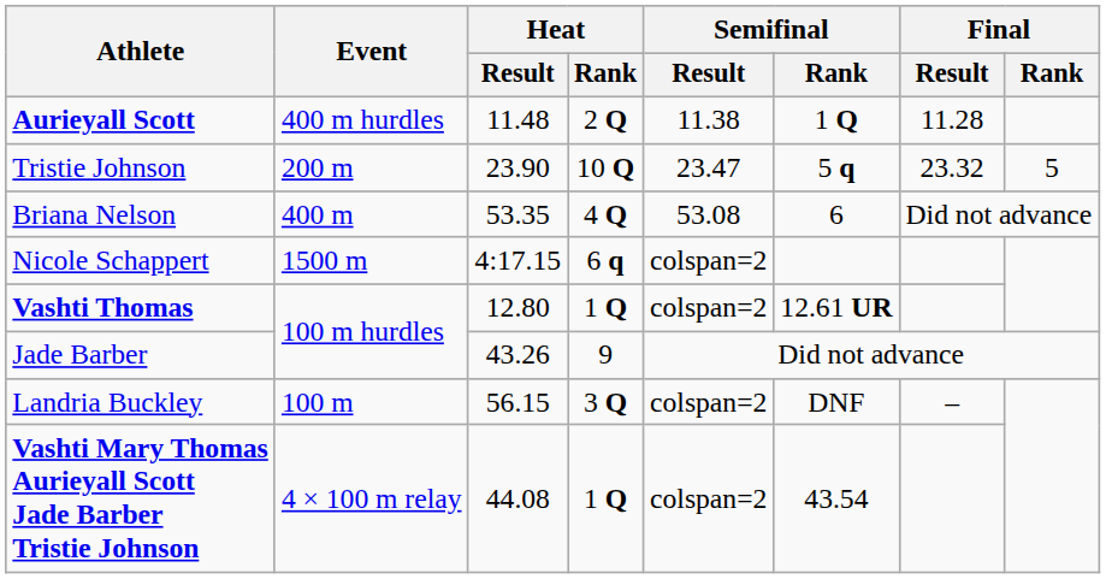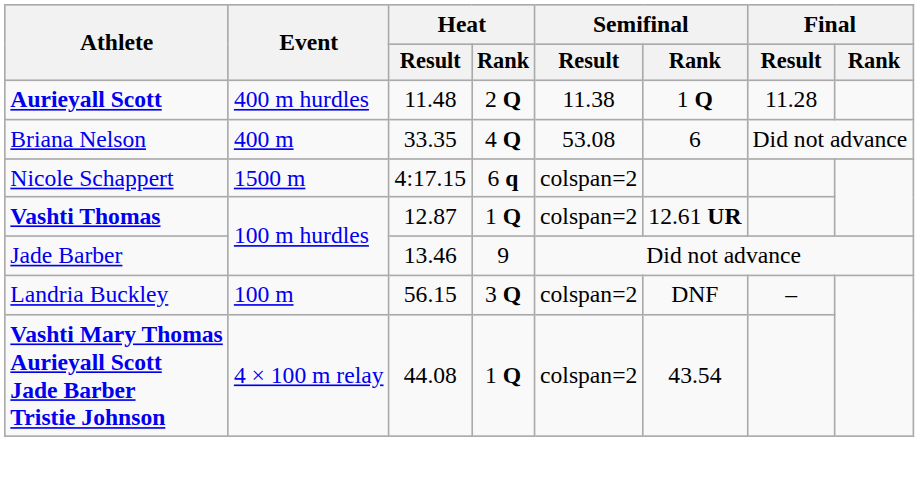 <table class="wikitable" style="font-size:90%">
 <tr>
 <th rowspan=2>Athlete</th>
 <th rowspan=2>Event</th>
 <th colspan=2>Heat</th>
 <th colspan=2>Semifinal</th>
 <th colspan=2>Final</th>
 </tr>
 <tr style="font-size:95%">
 <th>Result</th>
 <th>Rank</th>
 <th>Result</th>
 <th>Rank</th>
 <th>Result</th>
 <th>Rank</th>
 </tr>
 <tr align=center>
 <td align=left><strong><a href='#'>Aurieyall Scott</a></strong></td>
 <td align=left><a href='#'>400 m hurdles</a></td>
 <td>11.48</td>
 <td>2 <strong>Q</strong></td>
 <td>11.38</td>
 <td>1 <strong>Q</strong></td>
 <td>11.28</td>
 <td></td>
 </tr>
 <tr align=center>
-<td align=left><a href='#'>Tristie Johnson</a></td>
-<td align=left><a href='#'>200 m</a></td>
-<td>23.90</td>
-<td>10 <strong>Q</strong></td>
-<td>23.47</td>
-<td>5 <strong>q</strong></td>
-<td>23.32</td>
-<td>5</td>
-</tr>
-<tr align=center>
 <td align=left><a href='#'>Briana Nelson</a></td>
 <td align=left><a href='#'>400 m</a></td>
-<td>53.35</td>
+<td>33.35</td>
 <td>4 <strong>Q</strong></td>
 <td>53.08</td>
 <td>6</td>
 <td colspan=2 align=center>Did not advance</td>
 </tr>
 <tr align=center>
 <td align=left><a href='#'>Nicole Schappert</a></td>
 <td align=left><a href='#'>1500 m</a></td>
 <td>4:17.15</td>
 <td>6 <strong>q</strong></td>
 <td>colspan=2 </td>
 <td></td>
 <td></td>
 </tr>
 <tr align=center>
 <td align=left><strong><a href='#'>Vashti Thomas</a></strong></td>
 <td align=left rowspan=2><a href='#'>100 m hurdles</a></td>
-<td>12.80</td>
+<td>12.87</td>
 <td>1 <strong>Q</strong></td>
 <td>colspan=2 </td>
 <td>12.61 <strong>UR</strong></td>
 <td></td>
 </tr>
 <tr align=center>
 <td align=left><a href='#'>Jade Barber</a></td>
-<td>43.26</td>
+<td>13.46</td>
 <td>9</td>
 <td colspan=4 align=center>Did not advance</td>
 </tr>
 <tr align=center>
 <td align=left><a href='#'>Landria Buckley</a></td>
 <td align=left><a href='#'>100 m</a></td>
 <td>56.15</td>
 <td>3 <strong>Q</strong></td>
 <td>colspan=2 </td>
 <td>DNF</td>
 <td>–</td>
 </tr>
 <tr align=center>
 <td align=left><strong><a href='#'>Vashti Mary Thomas</a> <br> <a href='#'>Aurieyall Scott</a> <br> <a href='#'>Jade Barber</a> <br> <a href='#'>Tristie Johnson</a></strong></td>
 <td align=left><a href='#'>4 × 100 m relay</a></td>
 <td>44.08</td>
 <td>1 <strong>Q</strong></td>
 <td>colspan=2 </td>
 <td>43.54</td>
 <td></td>
 </tr>
 </table>
